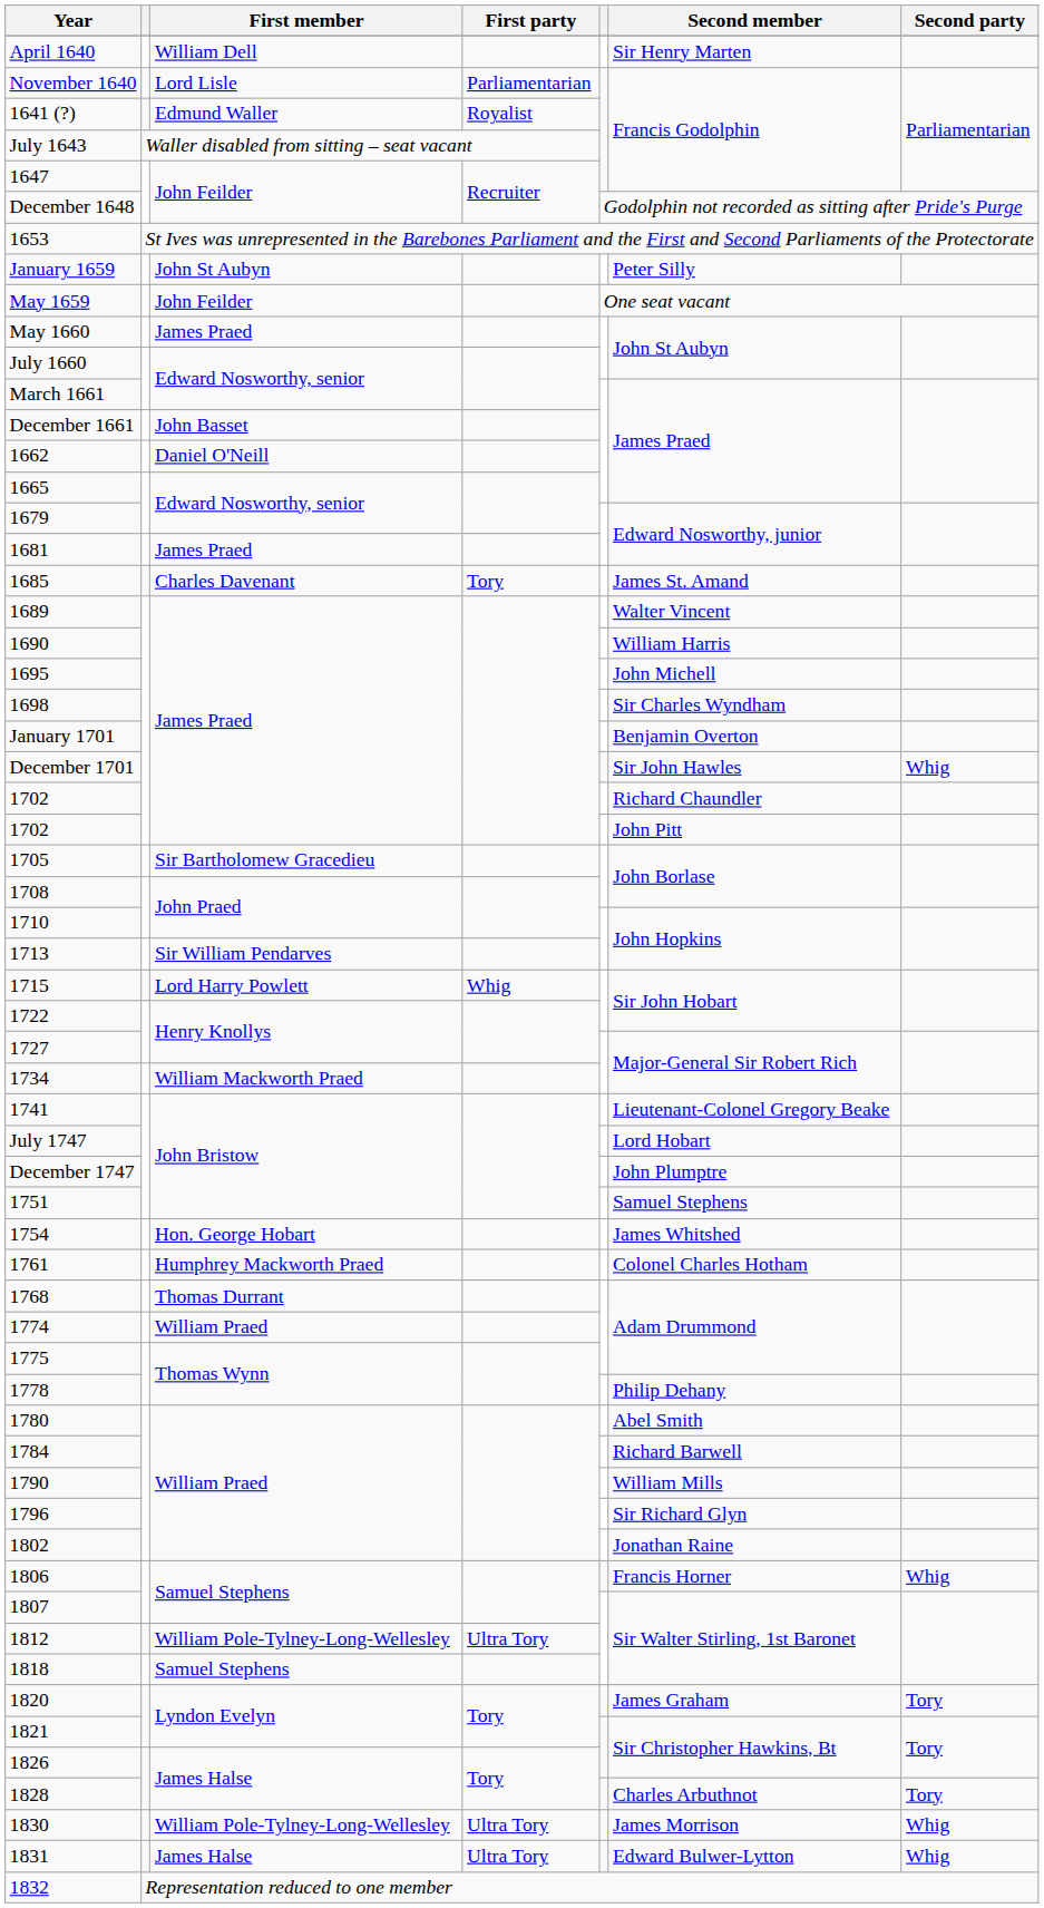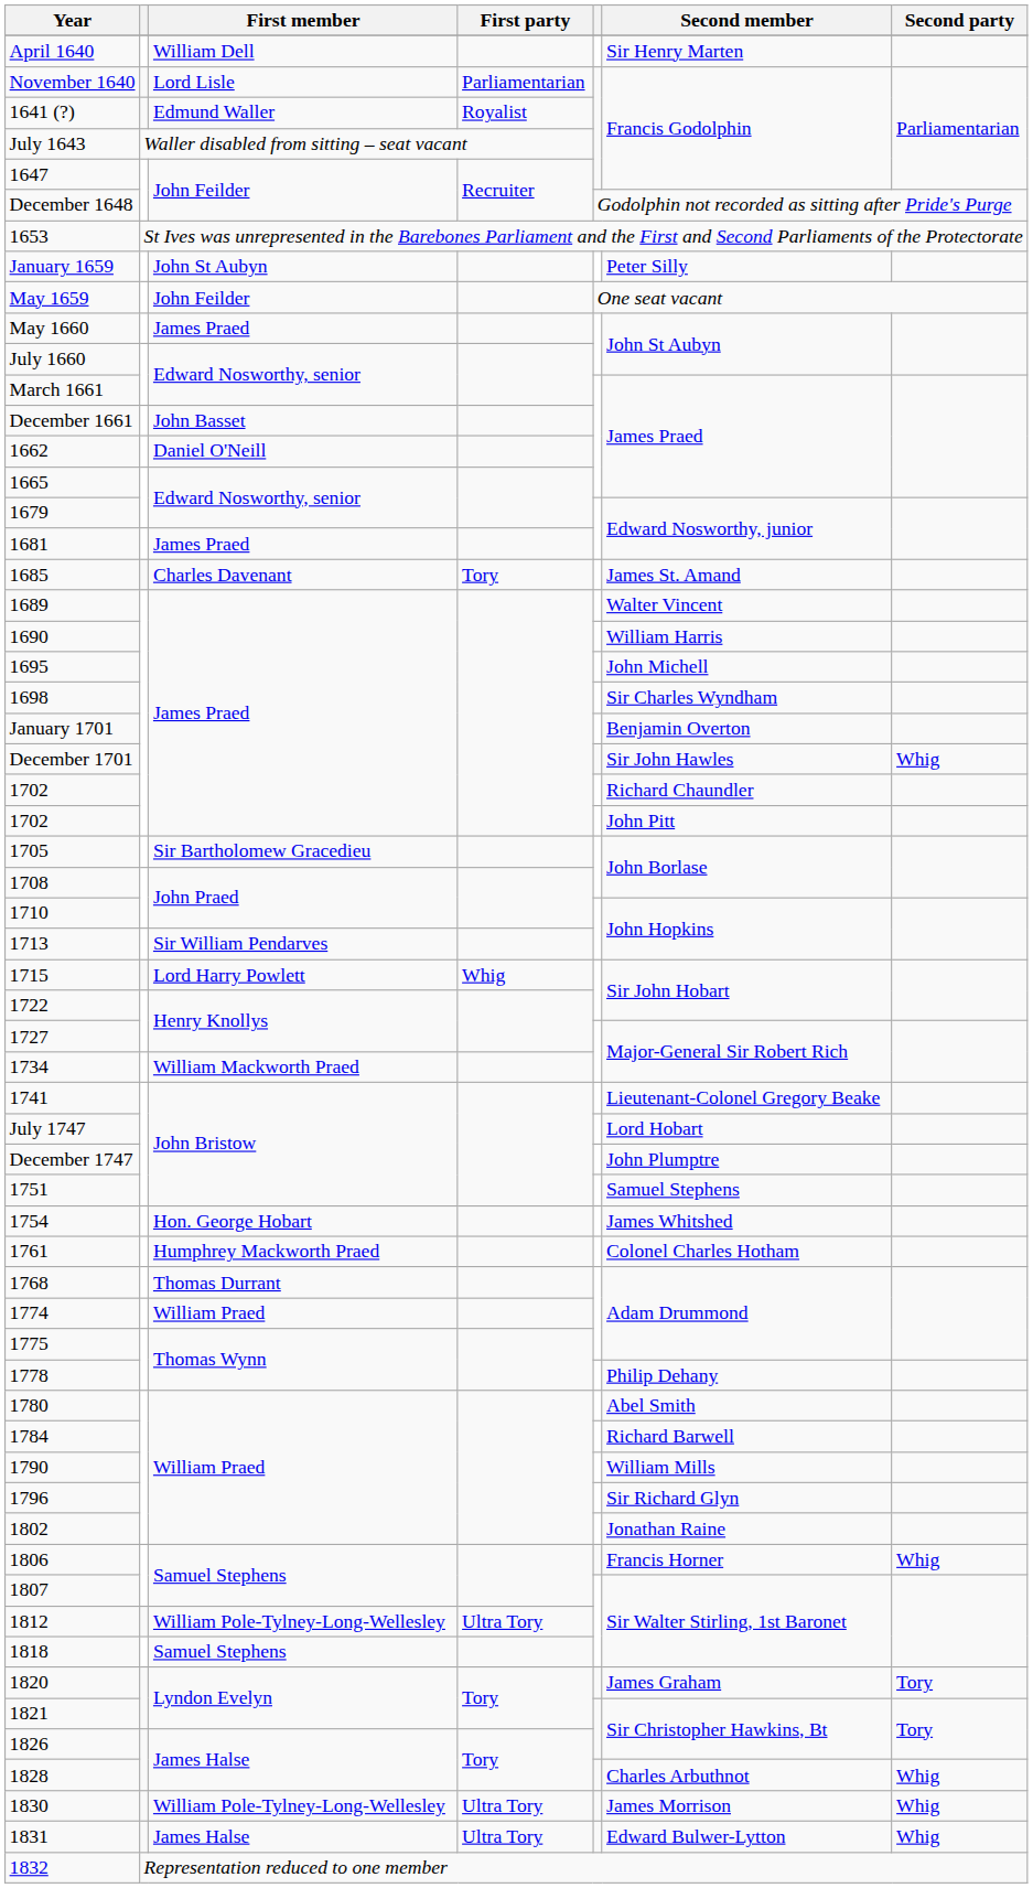 <table class="wikitable">
 <tr>
 <th>Year</th>
 <th></th>
 <th>First member</th>
 <th>First party</th>
 <th></th>
 <th>Second member</th>
 <th>Second party</th>
 </tr>
 <tr>
 </tr>
 <tr>
 <td><a href='#'>April 1640</a></td>
 <td style="color:inherit;background-color: white"></td>
 <td><a href='#'>William Dell</a></td>
 <td></td>
 <td style="color:inherit;background-color: white"></td>
 <td><a href='#'>Sir Henry Marten</a></td>
 <td></td>
 </tr>
 <tr>
 <td><a href='#'>November 1640</a></td>
 <td style="color:inherit;background-color: "></td>
 <td><a href='#'>Lord Lisle</a></td>
 <td><a href='#'>Parliamentarian</a></td>
 <td rowspan="4" style="color:inherit;background-color: "></td>
 <td rowspan="4"><a href='#'>Francis Godolphin</a></td>
 <td rowspan="4"><a href='#'>Parliamentarian</a></td>
 </tr>
 <tr>
 <td>1641 (?)</td>
 <td style="color:inherit;background-color: "></td>
 <td><a href='#'>Edmund Waller</a></td>
 <td><a href='#'>Royalist</a></td>
 </tr>
 <tr>
 <td>July 1643</td>
 <td colspan="3"><em>Waller disabled from sitting – seat vacant</em></td>
 </tr>
 <tr>
 <td>1647</td>
 <td rowspan="2" style="color:inherit;background-color: white"></td>
 <td rowspan="2"><a href='#'>John Feilder</a></td>
 <td rowspan = "2"><a href='#'>Recruiter</a></td>
 </tr>
 <tr>
 <td>December 1648</td>
 <td colspan="3"><em>Godolphin not recorded as sitting after <a href='#'>Pride's Purge</a></em></td>
 </tr>
 <tr>
 <td>1653</td>
 <td colspan="6"><em>St Ives was unrepresented in the <a href='#'>Barebones Parliament</a> and the <a href='#'>First</a> and <a href='#'>Second</a> Parliaments of the Protectorate</em></td>
 </tr>
 <tr>
 <td><a href='#'>January 1659</a></td>
 <td style="color:inherit;background-color: white"></td>
 <td><a href='#'>John St Aubyn</a></td>
 <td></td>
 <td style="color:inherit;background-color: white"></td>
 <td><a href='#'>Peter Silly</a></td>
 <td></td>
 </tr>
 <tr>
 <td><a href='#'>May 1659</a></td>
 <td style="color:inherit;background-color: white"></td>
 <td><a href='#'>John Feilder</a></td>
 <td></td>
 <td colspan="3"><em>One seat vacant</em></td>
 </tr>
 <tr>
 <td>May 1660</td>
 <td style="color:inherit;background-color: white"></td>
 <td><a href='#'>James Praed</a></td>
 <td></td>
 <td rowspan="2" style="color:inherit;background-color: white"></td>
 <td rowspan="2"><a href='#'>John St Aubyn</a></td>
 <td rowspan="2"></td>
 </tr>
 <tr>
 <td>July 1660</td>
 <td rowspan="2" style="color:inherit;background-color: white"></td>
 <td rowspan="2"><a href='#'>Edward Nosworthy, senior</a></td>
 <td rowspan="2"></td>
 </tr>
 <tr>
 <td>March 1661</td>
 <td rowspan="4" style="color:inherit;background-color: white"></td>
 <td rowspan="4"><a href='#'>James Praed</a></td>
 <td rowspan="4"></td>
 </tr>
 <tr>
 <td>December 1661</td>
 <td style="color:inherit;background-color: white"></td>
 <td><a href='#'>John Basset</a></td>
 <td></td>
 </tr>
 <tr>
 <td>1662</td>
 <td style="color:inherit;background-color: white"></td>
 <td><a href='#'>Daniel O'Neill</a></td>
 <td></td>
 </tr>
 <tr>
 <td>1665</td>
 <td rowspan="2" style="color:inherit;background-color: white"></td>
 <td rowspan="2"><a href='#'>Edward Nosworthy, senior</a></td>
 <td rowspan="2"></td>
 </tr>
 <tr>
 <td>1679</td>
 <td rowspan="2" style="color:inherit;background-color: white"></td>
 <td rowspan="2"><a href='#'>Edward Nosworthy, junior</a></td>
 <td rowspan="2"></td>
 </tr>
 <tr>
 <td>1681</td>
 <td style="color:inherit;background-color: white"></td>
 <td><a href='#'>James Praed</a></td>
 <td></td>
 </tr>
 <tr>
 <td>1685</td>
 <td style="color:inherit;background-color: "></td>
 <td><a href='#'>Charles Davenant</a></td>
 <td><a href='#'>Tory</a></td>
 <td style="color:inherit;background-color: white"></td>
 <td><a href='#'>James St. Amand</a></td>
 <td></td>
 </tr>
 <tr>
 <td>1689</td>
 <td rowspan="8" style="color:inherit;background-color: white"></td>
 <td rowspan="8"><a href='#'>James Praed</a></td>
 <td rowspan="8"></td>
 <td style="color:inherit;background-color: white"></td>
 <td><a href='#'>Walter Vincent</a></td>
 <td></td>
 </tr>
 <tr>
 <td>1690</td>
 <td style="color:inherit;background-color: white"></td>
 <td><a href='#'>William Harris</a></td>
 <td></td>
 </tr>
 <tr>
 <td>1695</td>
 <td style="color:inherit;background-color: white"></td>
 <td><a href='#'>John Michell</a></td>
 <td></td>
 </tr>
 <tr>
 <td>1698</td>
 <td style="color:inherit;background-color: white"></td>
 <td><a href='#'>Sir Charles Wyndham</a></td>
 <td></td>
 </tr>
 <tr>
 <td>January 1701</td>
 <td style="color:inherit;background-color: white"></td>
 <td><a href='#'>Benjamin Overton</a></td>
 <td></td>
 </tr>
 <tr>
 <td>December 1701</td>
 <td style="color:inherit;background-color: "></td>
 <td><a href='#'>Sir John Hawles</a></td>
 <td><a href='#'>Whig</a></td>
 </tr>
 <tr>
 <td>1702</td>
 <td style="color:inherit;background-color: white"></td>
 <td><a href='#'>Richard Chaundler</a></td>
 <td></td>
 </tr>
 <tr>
 <td>1702</td>
 <td style="color:inherit;background-color: white"></td>
 <td><a href='#'>John Pitt</a></td>
 <td></td>
 </tr>
 <tr>
 <td>1705</td>
 <td style="color:inherit;background-color: white"></td>
 <td><a href='#'>Sir Bartholomew Gracedieu</a></td>
 <td></td>
 <td rowspan="2" style="color:inherit;background-color: white"></td>
 <td rowspan="2"><a href='#'>John Borlase</a></td>
 <td rowspan="2"></td>
 </tr>
 <tr>
 <td>1708</td>
 <td rowspan="2" style="color:inherit;background-color: white"></td>
 <td rowspan="2"><a href='#'>John Praed</a></td>
 <td rowspan="2"></td>
 </tr>
 <tr>
 <td>1710</td>
 <td rowspan="2" style="color:inherit;background-color: white"></td>
 <td rowspan="2"><a href='#'>John Hopkins</a></td>
 <td rowspan="2"></td>
 </tr>
 <tr>
 <td>1713</td>
 <td style="color:inherit;background-color: white"></td>
 <td><a href='#'>Sir William Pendarves</a></td>
 <td></td>
 </tr>
 <tr>
 <td>1715</td>
 <td style="color:inherit;background-color: "></td>
 <td><a href='#'>Lord Harry Powlett</a></td>
 <td><a href='#'>Whig</a></td>
 <td rowspan="2" style="color:inherit;background-color: white"></td>
 <td rowspan="2"><a href='#'>Sir John Hobart</a></td>
 <td rowspan="2"></td>
 </tr>
 <tr>
 <td>1722</td>
 <td rowspan="2" style="color:inherit;background-color: white"></td>
 <td rowspan="2"><a href='#'>Henry Knollys</a></td>
 <td rowspan="2"></td>
 </tr>
 <tr>
 <td>1727</td>
 <td rowspan="2" style="color:inherit;background-color: white"></td>
 <td rowspan="2"><a href='#'>Major-General Sir Robert Rich</a></td>
 <td rowspan="2"></td>
 </tr>
 <tr>
 <td>1734</td>
 <td style="color:inherit;background-color: white"></td>
 <td><a href='#'>William Mackworth Praed</a></td>
 <td></td>
 </tr>
 <tr>
 <td>1741</td>
 <td rowspan="4" style="color:inherit;background-color: white"></td>
 <td rowspan="4"><a href='#'>John Bristow</a></td>
 <td rowspan="4"></td>
 <td style="color:inherit;background-color: white"></td>
 <td><a href='#'>Lieutenant-Colonel Gregory Beake</a></td>
 <td></td>
 </tr>
 <tr>
 <td>July 1747</td>
 <td style="color:inherit;background-color: white"></td>
 <td><a href='#'>Lord Hobart</a></td>
 <td></td>
 </tr>
 <tr>
 <td>December 1747</td>
 <td style="color:inherit;background-color: white"></td>
 <td><a href='#'>John Plumptre</a></td>
 <td></td>
 </tr>
 <tr>
 <td>1751</td>
 <td style="color:inherit;background-color: white"></td>
 <td><a href='#'>Samuel Stephens</a></td>
 <td></td>
 </tr>
 <tr>
 <td>1754</td>
 <td style="color:inherit;background-color: white"></td>
 <td><a href='#'>Hon. George Hobart</a></td>
 <td></td>
 <td style="color:inherit;background-color: white"></td>
 <td><a href='#'>James Whitshed</a></td>
 <td></td>
 </tr>
 <tr>
 <td>1761</td>
 <td style="color:inherit;background-color: white"></td>
 <td><a href='#'>Humphrey Mackworth Praed</a></td>
 <td></td>
 <td style="color:inherit;background-color: white"></td>
 <td><a href='#'>Colonel Charles Hotham</a></td>
 <td></td>
 </tr>
 <tr>
 <td>1768</td>
 <td style="color:inherit;background-color: white"></td>
 <td><a href='#'>Thomas Durrant</a></td>
 <td></td>
 <td rowspan="3" style="color:inherit;background-color: white"></td>
 <td rowspan="3"><a href='#'>Adam Drummond</a></td>
 <td rowspan="3"></td>
 </tr>
 <tr>
 <td>1774</td>
 <td style="color:inherit;background-color: white"></td>
 <td><a href='#'>William Praed</a> </td>
 <td></td>
 </tr>
 <tr>
 <td>1775</td>
 <td rowspan="2"  style="color:inherit;background-color: white"></td>
 <td rowspan="2"><a href='#'>Thomas Wynn</a></td>
 <td rowspan="2"></td>
 </tr>
 <tr>
 <td>1778</td>
 <td style="color:inherit;background-color: white"></td>
 <td><a href='#'>Philip Dehany</a></td>
 <td></td>
 </tr>
 <tr>
 <td>1780</td>
 <td rowspan="5" style="color:inherit;background-color: white"></td>
 <td rowspan="5"><a href='#'>William Praed</a></td>
 <td rowspan="5"></td>
 <td style="color:inherit;background-color: white"></td>
 <td><a href='#'>Abel Smith</a></td>
 <td></td>
 </tr>
 <tr>
 <td>1784</td>
 <td style="color:inherit;background-color: white"></td>
 <td><a href='#'>Richard Barwell</a></td>
 <td></td>
 </tr>
 <tr>
 <td>1790</td>
 <td style="color:inherit;background-color: white"></td>
 <td><a href='#'>William Mills</a></td>
 <td></td>
 </tr>
 <tr>
 <td>1796</td>
 <td style="color:inherit;background-color: white"></td>
 <td><a href='#'>Sir Richard Glyn</a></td>
 <td></td>
 </tr>
 <tr>
 <td>1802</td>
 <td style="color:inherit;background-color: white"></td>
 <td><a href='#'>Jonathan Raine</a></td>
 <td></td>
 </tr>
 <tr>
 <td>1806</td>
 <td rowspan="2" style="color:inherit;background-color: white"></td>
 <td rowspan="2"><a href='#'>Samuel Stephens</a></td>
 <td rowspan="2"></td>
 <td style="color:inherit;background-color: "></td>
 <td><a href='#'>Francis Horner</a></td>
 <td><a href='#'>Whig</a></td>
 </tr>
 <tr>
 <td>1807</td>
 <td rowspan="3" style="color:inherit;background-color: white"></td>
 <td rowspan="3"><a href='#'>Sir Walter Stirling, 1st Baronet</a></td>
 <td rowspan="3"></td>
 </tr>
 <tr>
 <td>1812</td>
 <td style="color:inherit;background-color: "></td>
 <td><a href='#'>William Pole-Tylney-Long-Wellesley</a></td>
 <td><a href='#'>Ultra Tory</a></td>
 </tr>
 <tr>
 <td>1818</td>
 <td style="color:inherit;background-color: white"></td>
 <td><a href='#'>Samuel Stephens</a></td>
 <td></td>
 </tr>
 <tr>
 <td>1820</td>
 <td rowspan="2" style="color:inherit;background-color: "></td>
 <td rowspan="2"><a href='#'>Lyndon Evelyn</a></td>
 <td rowspan="2"><a href='#'>Tory</a></td>
 <td style="color:inherit;background-color: "></td>
 <td><a href='#'>James Graham</a></td>
 <td><a href='#'>Tory</a></td>
 </tr>
 <tr>
 <td>1821</td>
 <td rowspan="2" style="color:inherit;background-color: "></td>
 <td rowspan="2"><a href='#'>Sir Christopher Hawkins, Bt</a></td>
 <td rowspan="2"><a href='#'>Tory</a></td>
 </tr>
 <tr>
 <td>1826</td>
 <td rowspan="2" style="color:inherit;background-color: "></td>
 <td rowspan="2"><a href='#'>James Halse</a></td>
 <td rowspan="2"><a href='#'>Tory</a></td>
 </tr>
 <tr>
 <td>1828</td>
 <td style="color:inherit;background-color: "></td>
 <td><a href='#'>Charles Arbuthnot</a></td>
-<td><a href='#'>Tory</a></td>
+<td><a href='#'>Whig</a></td>
 </tr>
 <tr>
 <td>1830</td>
 <td style="color:inherit;background-color: "></td>
 <td><a href='#'>William Pole-Tylney-Long-Wellesley</a></td>
 <td><a href='#'>Ultra Tory</a></td>
 <td style="color:inherit;background-color: "></td>
 <td><a href='#'>James Morrison</a></td>
 <td><a href='#'>Whig</a></td>
 </tr>
 <tr>
 <td>1831</td>
 <td style="color:inherit;background-color: "></td>
 <td><a href='#'>James Halse</a></td>
 <td><a href='#'>Ultra Tory</a></td>
 <td style="color:inherit;background-color: "></td>
 <td><a href='#'>Edward Bulwer-Lytton</a></td>
 <td><a href='#'>Whig</a></td>
 </tr>
 <tr>
 <td><a href='#'>1832</a></td>
 <td colspan="6"><em>Representation reduced to one member</em></td>
 </tr>
 </table>
